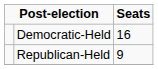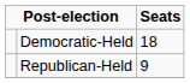 <table class= "wikitable">
 <tr>
 <td colspan= "2" rowspan= "1" align= "center" valign= "top"><strong>Post-election</strong></td>
 <td valign= "top"><strong>Seats</strong><br></td>
 </tr>
 <tr>
 <td style="background-color:"> </td>
 <td>Democratic-Held</td>
-<td>16</td>
+<td>18</td>
 </tr>
 <tr>
 <td style="background-color:"> </td>
 <td>Republican-Held</td>
 <td>9</td>
 </tr>
 <tr>
 </tr>
 </table>
